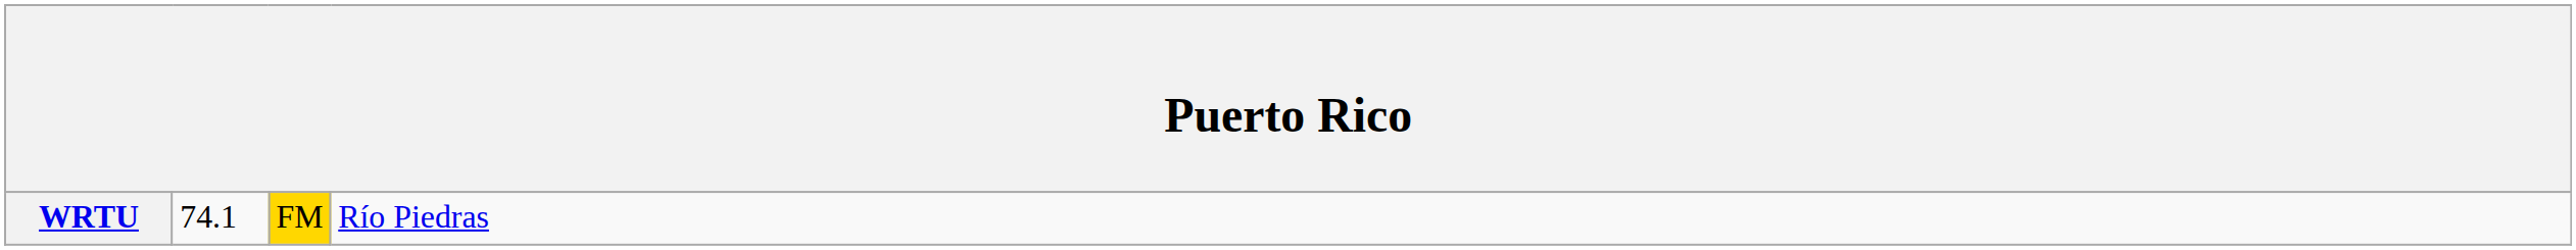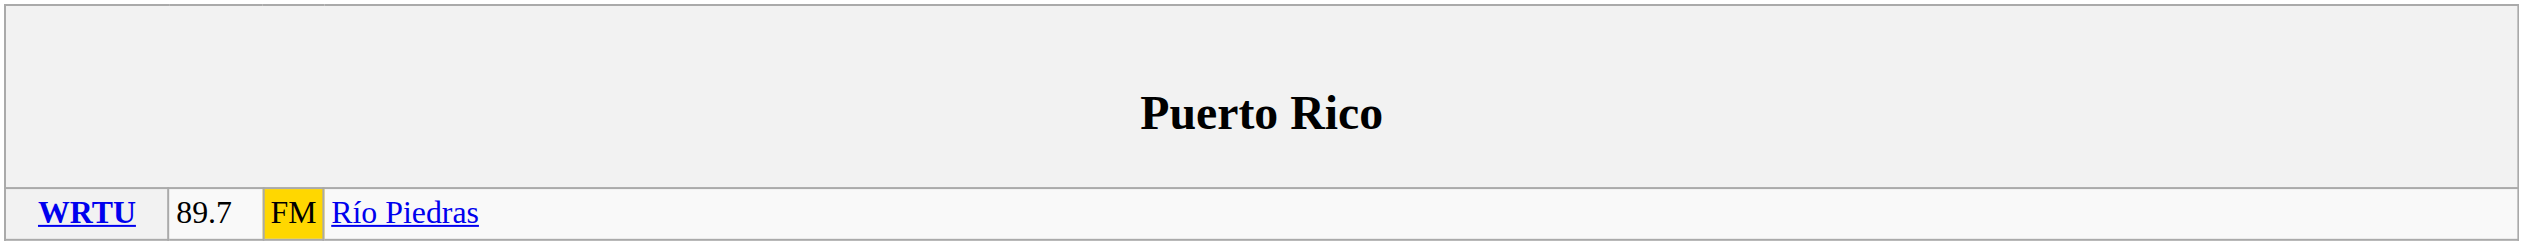 <table class="wikitable mw-collapsible" style="width:100%">
 <tr>
 <th scope="col" colspan="4"><br><h2>Puerto Rico</h2></th>
 </tr>
 <tr>
 <th scope="row" style="width: 75px;"><a href='#'>WRTU</a></th>
-<td style="width: 40px;">74.1</td>
+<td style="width: 40px;">89.7</td>
 <td style="background: gold; width: 21px;">FM</td>
 <td><a href='#'>Río Piedras</a></td>
 </tr>
 </table>
